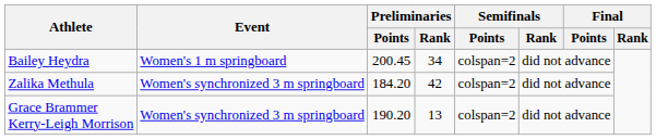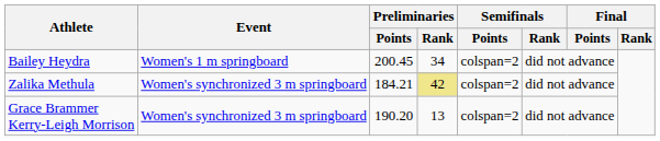 <table class="wikitable" style="font-size:90%">
 <tr>
 <th rowspan="2">Athlete</th>
 <th rowspan="2">Event</th>
 <th colspan="2">Preliminaries</th>
 <th colspan="2">Semifinals</th>
 <th colspan="2">Final</th>
 </tr>
 <tr style="font-size:95%">
 <th>Points</th>
 <th>Rank</th>
 <th>Points</th>
 <th>Rank</th>
 <th>Points</th>
 <th>Rank</th>
 </tr>
 <tr align="center">
 <td align="left"><a href='#'>Bailey Heydra</a></td>
 <td align="left"><a href='#'>Women's 1 m springboard</a></td>
 <td>200.45</td>
 <td>34</td>
 <td>colspan=2 </td>
 <td colspan=2>did not advance</td>
 </tr>
 <tr align="center">
 <td align="left"><a href='#'>Zalika Methula</a></td>
 <td align="left"><a href='#'>Women's synchronized 3 m springboard</a></td>
-<td>184.20</td>
-<td>42</td>
+<td>184.21</td>
+<td style="background: khaki;">42</td>
 <td>colspan=2 </td>
 <td colspan=2>did not advance</td>
 </tr>
 <tr align="center">
 <td align="left"><a href='#'>Grace Brammer</a><br><a href='#'>Kerry-Leigh Morrison</a></td>
 <td align="left"><a href='#'>Women's synchronized 3 m springboard</a></td>
 <td>190.20</td>
 <td>13</td>
 <td>colspan=2 </td>
 <td colspan=2>did not advance</td>
 </tr>
 </table>
